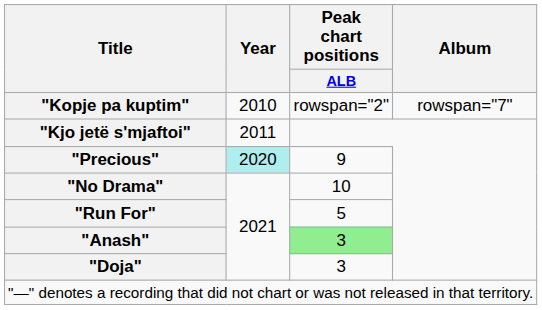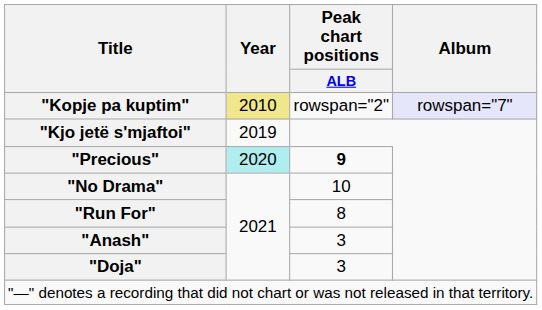 <table class="wikitable plainrowheaders" style="text-align:center;">
 <tr>
 <th scope="col" rowspan="2">Title</th>
 <th scope="col" rowspan="2">Year</th>
 <th scope="col" colspan="1">Peak<br>chart<br>positions</th>
 <th scope="col" rowspan="2">Album</th>
 </tr>
 <tr>
 <th scope="col" style="width:3em;font-size:85%;"><a href='#'>ALB</a><br></th>
 </tr>
 <tr>
 <th scope="row">"Kopje pa kuptim"</th>
-<td>2010</td>
+<td style="background: khaki;">2010</td>
 <td>rowspan="2" </td>
-<td>rowspan="7" </td>
+<td style="background: lavender;">rowspan="7" </td>
 </tr>
 <tr>
 <th scope="row">"Kjo jetë s'mjaftoi"</th>
-<td>2011</td>
+<td>2019</td>
 </tr>
 <tr>
 <th scope="row">"Precious"</th>
 <td style="background: paleturquoise;">2020</td>
-<td>9</td>
+<td><strong>9</strong></td>
 </tr>
 <tr>
 <th scope="row">"No Drama"</th>
 <td rowspan="4">2021</td>
 <td>10</td>
 </tr>
 <tr>
 <th scope="row">"Run For"</th>
-<td>5</td>
+<td>8</td>
 </tr>
 <tr>
 <th scope="row">"Anash"<br></th>
-<td style="background: lightgreen;">3</td>
+<td>3</td>
 </tr>
 <tr>
 <th scope="row">"Doja"<br></th>
 <td>3</td>
 </tr>
 <tr>
 <td colspan="11" style="font-size:90%">"—" denotes a recording that did not chart or was not released in that territory.</td>
 </tr>
 </table>
